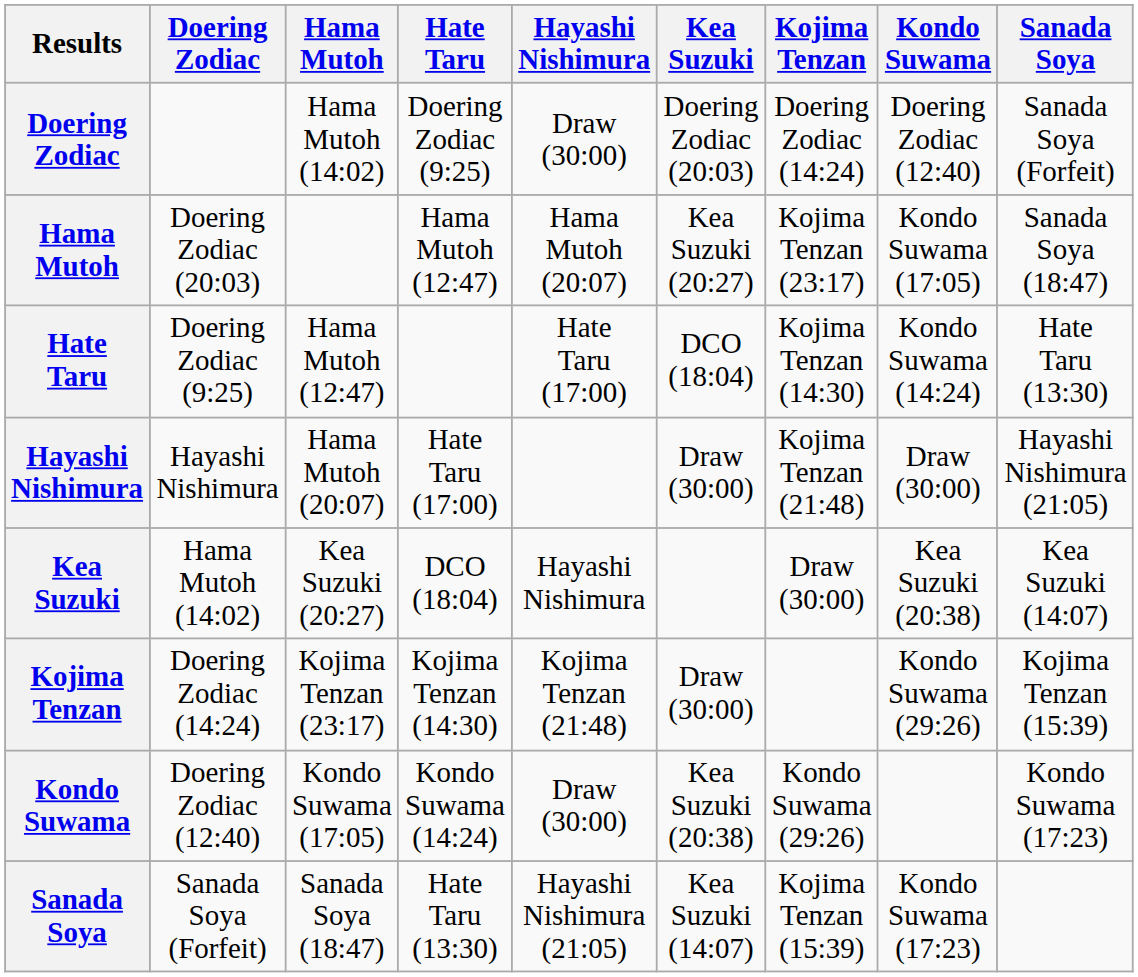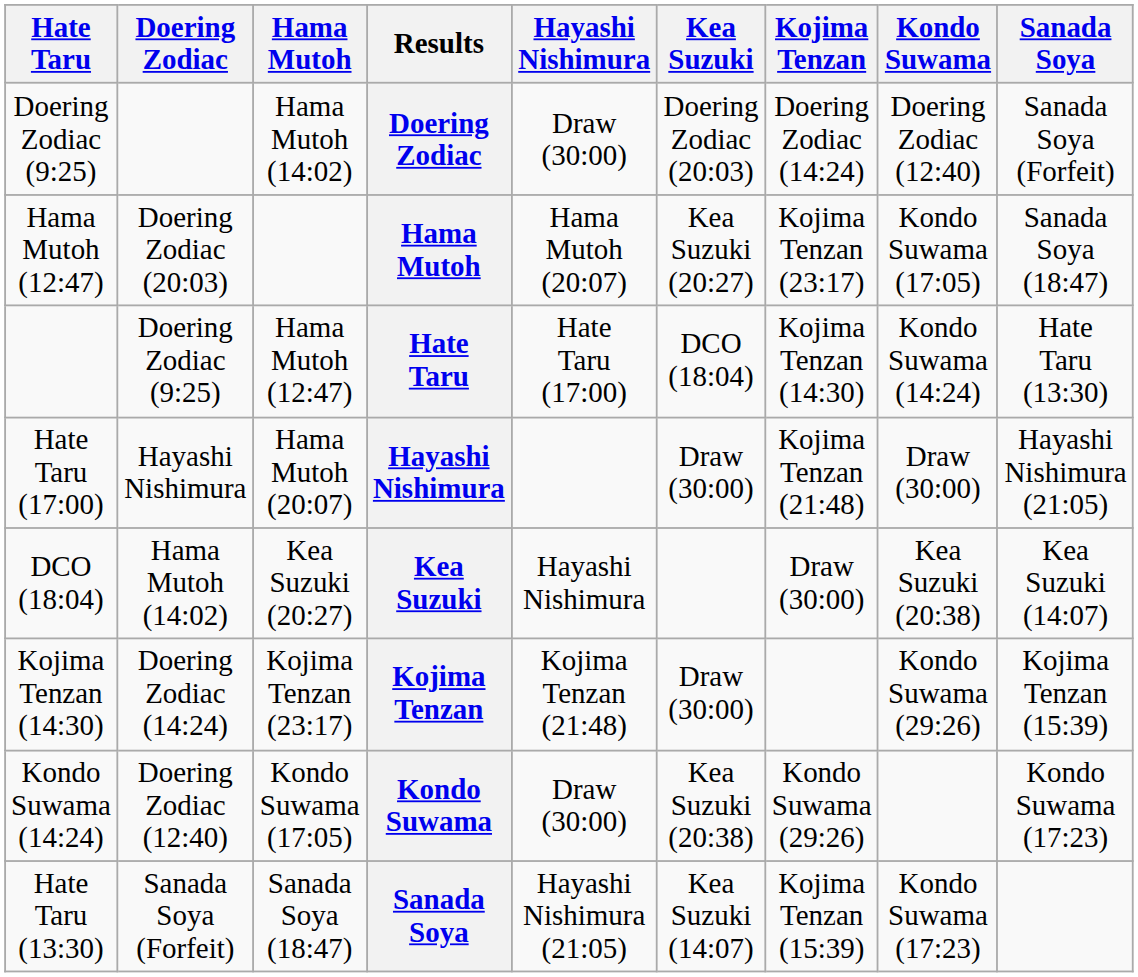 <table class="wikitable" style="text-align:center; margin: 1em auto 1em auto">
 <tr>
-<th>Results</th>
+<th><a href='#'>Hate</a><br><a href='#'>Taru</a></th>
 <th><a href='#'>Doering</a><br><a href='#'>Zodiac</a></th>
 <th><a href='#'>Hama</a><br><a href='#'>Mutoh</a></th>
-<th><a href='#'>Hate</a><br><a href='#'>Taru</a></th>
+<th>Results</th>
 <th><a href='#'>Hayashi</a><br><a href='#'>Nishimura</a></th>
 <th><a href='#'>Kea</a><br><a href='#'>Suzuki</a></th>
 <th><a href='#'>Kojima</a><br><a href='#'>Tenzan</a></th>
 <th><a href='#'>Kondo</a><br><a href='#'>Suwama</a></th>
 <th><a href='#'>Sanada</a><br><a href='#'>Soya</a></th>
 </tr>
 <tr>
-<th><a href='#'>Doering</a><br><a href='#'>Zodiac</a></th>
+<td>Doering<br>Zodiac<br>(9:25)</td>
 <td></td>
 <td>Hama<br>Mutoh<br>(14:02)</td>
-<td>Doering<br>Zodiac<br>(9:25)</td>
+<th><a href='#'>Doering</a><br><a href='#'>Zodiac</a></th>
 <td>Draw<br>(30:00)</td>
 <td>Doering<br>Zodiac<br>(20:03)</td>
 <td>Doering<br>Zodiac<br>(14:24)</td>
 <td>Doering<br>Zodiac<br>(12:40)</td>
 <td>Sanada<br>Soya<br>(Forfeit)</td>
 </tr>
 <tr>
-<th><a href='#'>Hama</a><br><a href='#'>Mutoh</a></th>
+<td>Hama<br>Mutoh<br>(12:47)</td>
 <td>Doering<br>Zodiac<br>(20:03)</td>
 <td></td>
-<td>Hama<br>Mutoh<br>(12:47)</td>
+<th><a href='#'>Hama</a><br><a href='#'>Mutoh</a></th>
 <td>Hama<br>Mutoh<br>(20:07)</td>
 <td>Kea<br>Suzuki<br>(20:27)</td>
 <td>Kojima<br>Tenzan<br>(23:17)</td>
 <td>Kondo<br>Suwama<br>(17:05)</td>
 <td>Sanada<br>Soya<br>(18:47)</td>
 </tr>
 <tr>
-<th><a href='#'>Hate</a><br><a href='#'>Taru</a></th>
+<td></td>
 <td>Doering<br>Zodiac<br>(9:25)</td>
 <td>Hama<br>Mutoh<br>(12:47)</td>
-<td></td>
+<th><a href='#'>Hate</a><br><a href='#'>Taru</a></th>
 <td>Hate<br>Taru<br>(17:00)</td>
 <td>DCO<br>(18:04)</td>
 <td>Kojima<br>Tenzan<br>(14:30)</td>
 <td>Kondo<br>Suwama<br>(14:24)</td>
 <td>Hate<br>Taru<br>(13:30)</td>
 </tr>
 <tr>
-<th><a href='#'>Hayashi</a><br><a href='#'>Nishimura</a></th>
+<td>Hate<br>Taru<br>(17:00)</td>
 <td>Hayashi<br>Nishimura</td>
 <td>Hama<br>Mutoh<br>(20:07)</td>
-<td>Hate<br>Taru<br>(17:00)</td>
+<th><a href='#'>Hayashi</a><br><a href='#'>Nishimura</a></th>
 <td></td>
 <td>Draw<br>(30:00)</td>
 <td>Kojima<br>Tenzan<br>(21:48)</td>
 <td>Draw<br>(30:00)</td>
 <td>Hayashi<br>Nishimura<br>(21:05)</td>
 </tr>
 <tr>
-<th><a href='#'>Kea</a><br><a href='#'>Suzuki</a></th>
+<td>DCO<br>(18:04)</td>
 <td>Hama<br>Mutoh<br>(14:02)</td>
 <td>Kea<br>Suzuki<br>(20:27)</td>
-<td>DCO<br>(18:04)</td>
+<th><a href='#'>Kea</a><br><a href='#'>Suzuki</a></th>
 <td>Hayashi<br>Nishimura</td>
 <td></td>
 <td>Draw<br>(30:00)</td>
 <td>Kea<br>Suzuki<br>(20:38)</td>
 <td>Kea<br>Suzuki<br>(14:07)</td>
 </tr>
 <tr>
-<th><a href='#'>Kojima</a><br><a href='#'>Tenzan</a></th>
+<td>Kojima<br>Tenzan<br>(14:30)</td>
 <td>Doering<br>Zodiac<br>(14:24)</td>
 <td>Kojima<br>Tenzan<br>(23:17)</td>
-<td>Kojima<br>Tenzan<br>(14:30)</td>
+<th><a href='#'>Kojima</a><br><a href='#'>Tenzan</a></th>
 <td>Kojima<br>Tenzan<br>(21:48)</td>
 <td>Draw<br>(30:00)</td>
 <td></td>
 <td>Kondo<br>Suwama<br>(29:26)</td>
 <td>Kojima<br>Tenzan<br>(15:39)</td>
 </tr>
 <tr>
-<th><a href='#'>Kondo</a><br><a href='#'>Suwama</a></th>
+<td>Kondo<br>Suwama<br>(14:24)</td>
 <td>Doering<br>Zodiac<br>(12:40)</td>
 <td>Kondo<br>Suwama<br>(17:05)</td>
-<td>Kondo<br>Suwama<br>(14:24)</td>
+<th><a href='#'>Kondo</a><br><a href='#'>Suwama</a></th>
 <td>Draw<br>(30:00)</td>
 <td>Kea<br>Suzuki<br>(20:38)</td>
 <td>Kondo<br>Suwama<br>(29:26)</td>
 <td></td>
 <td>Kondo<br>Suwama<br>(17:23)</td>
 </tr>
 <tr>
-<th><a href='#'>Sanada</a><br><a href='#'>Soya</a></th>
+<td>Hate<br>Taru<br>(13:30)</td>
 <td>Sanada<br>Soya<br>(Forfeit)</td>
 <td>Sanada<br>Soya<br>(18:47)</td>
-<td>Hate<br>Taru<br>(13:30)</td>
+<th><a href='#'>Sanada</a><br><a href='#'>Soya</a></th>
 <td>Hayashi<br>Nishimura<br>(21:05)</td>
 <td>Kea<br>Suzuki<br>(14:07)</td>
 <td>Kojima<br>Tenzan<br>(15:39)</td>
 <td>Kondo<br>Suwama<br>(17:23)</td>
 <td></td>
 </tr>
 </table>
